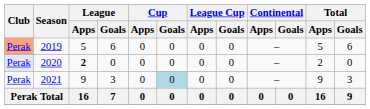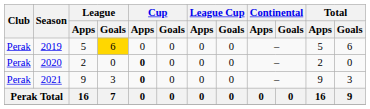 <table class="wikitable" style="text-align:center;">
 <tr>
 <th rowspan="2">Club</th>
 <th rowspan="2">Season</th>
 <th colspan="2">League</th>
 <th colspan="2"><a href='#'>Cup</a></th>
 <th colspan="2"><a href='#'>League Cup</a></th>
 <th colspan="2"><a href='#'>Continental</a></th>
 <th colspan="2">Total</th>
 </tr>
 <tr>
 <th>Apps</th>
 <th>Goals</th>
 <th>Apps</th>
 <th>Goals</th>
 <th>Apps</th>
 <th>Goals</th>
 <th>Apps</th>
 <th>Goals</th>
 <th>Apps</th>
 <th>Goals</th>
 </tr>
 <tr>
-<td style="background: lightsalmon;"><a href='#'>Perak</a></td>
+<td><a href='#'>Perak</a></td>
 <td><a href='#'>2019</a></td>
 <td>5</td>
-<td>6</td>
+<td style="background: gold;">6</td>
 <td>0</td>
 <td>0</td>
 <td>0</td>
 <td>0</td>
 <td colspan="2">–</td>
 <td>5</td>
 <td>6</td>
 </tr>
 <tr>
-<td style="background: lavender;"><a href='#'>Perak</a></td>
+<td><a href='#'>Perak</a></td>
 <td><a href='#'>2020</a></td>
-<td><strong>2</strong></td>
+<td>2</td>
 <td>0</td>
-<td>0</td>
+<td><strong>0</strong></td>
 <td>0</td>
 <td>0</td>
 <td>0</td>
 <td colspan="2">–</td>
 <td>2</td>
 <td>0</td>
 </tr>
 <tr>
 <td><a href='#'>Perak</a></td>
 <td><a href='#'>2021</a></td>
 <td>9</td>
 <td>3</td>
+<td><strong>0</strong></td>
 <td>0</td>
-<td style="background: lightblue;">0</td>
 <td>0</td>
 <td>0</td>
 <td colspan="2">–</td>
 <td>9</td>
 <td>3</td>
 </tr>
 <tr>
 <th colspan="2">Perak Total</th>
 <th>16</th>
 <th>7</th>
 <th>0</th>
 <th>0</th>
 <th>0</th>
 <th>0</th>
 <th>0</th>
 <th>0</th>
 <th>16</th>
 <th>9</th>
 </tr>
 <tr>
 </tr>
 </table>
